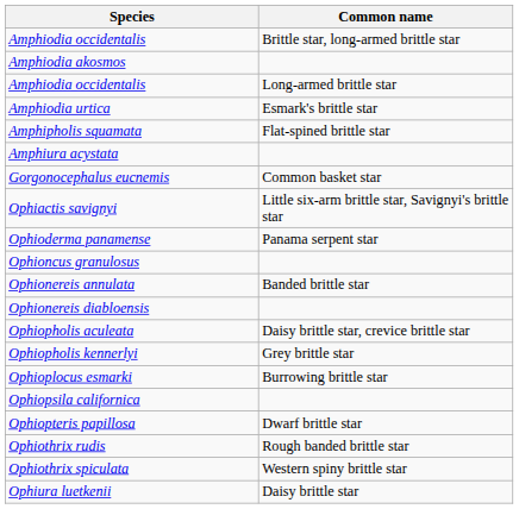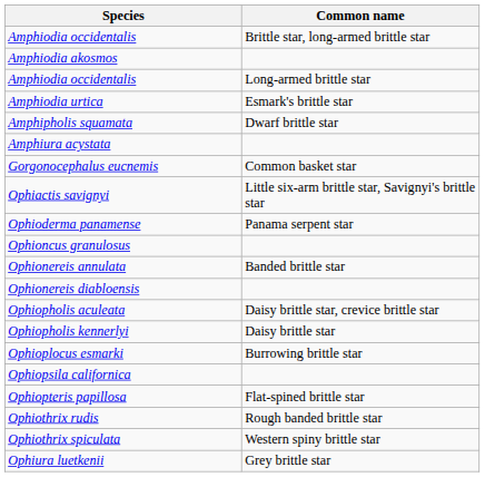 <table width=90% class="wikitable">
 <tr>
 <th width=25%>Species</th>
 <th width=25%>Common name</th>
 </tr>
 <tr>
 <td><em><a href='#'>Amphiodia occidentalis</a></em></td>
 <td>Brittle star, long-armed brittle star</td>
 </tr>
 <tr>
 <td><em><a href='#'>Amphiodia akosmos</a></em></td>
 <td></td>
 </tr>
 <tr>
 <td><em><a href='#'>Amphiodia occidentalis</a></em></td>
 <td>Long-armed brittle star</td>
 </tr>
 <tr>
 <td><em><a href='#'>Amphiodia urtica</a></em></td>
 <td>Esmark's brittle star</td>
 </tr>
 <tr>
 <td><em><a href='#'>Amphipholis squamata</a></em></td>
-<td>Flat-spined brittle star</td>
+<td>Dwarf brittle star</td>
 </tr>
 <tr>
 <td><em><a href='#'>Amphiura acystata</a></em></td>
 <td></td>
 </tr>
 <tr>
 <td><em><a href='#'>Gorgonocephalus eucnemis</a></em></td>
 <td>Common basket star</td>
 </tr>
 <tr>
 <td><em><a href='#'>Ophiactis savignyi</a></em></td>
 <td>Little six-arm brittle star, Savignyi's brittle star</td>
 </tr>
 <tr>
 <td><em><a href='#'>Ophioderma panamense</a></em></td>
 <td>Panama serpent star</td>
 </tr>
 <tr>
 <td><em><a href='#'>Ophioncus granulosus</a></em></td>
 <td></td>
 </tr>
 <tr>
 <td><em><a href='#'>Ophionereis annulata</a></em></td>
 <td>Banded brittle star</td>
 </tr>
 <tr>
 <td><em><a href='#'>Ophionereis diabloensis</a></em></td>
 <td></td>
 </tr>
 <tr>
 <td><em><a href='#'>Ophiopholis aculeata</a></em></td>
 <td>Daisy brittle star, crevice brittle star</td>
 </tr>
 <tr>
 <td><em><a href='#'>Ophiopholis kennerlyi</a></em></td>
-<td>Grey brittle star</td>
+<td>Daisy brittle star</td>
 </tr>
 <tr>
 <td><em><a href='#'>Ophioplocus esmarki</a></em></td>
 <td>Burrowing brittle star</td>
 </tr>
 <tr>
 <td><em><a href='#'>Ophiopsila californica</a></em></td>
 <td></td>
 </tr>
 <tr>
 <td><em><a href='#'>Ophiopteris papillosa</a></em></td>
-<td>Dwarf brittle star</td>
+<td>Flat-spined brittle star</td>
 </tr>
 <tr>
 <td><em><a href='#'>Ophiothrix rudis</a></em></td>
 <td>Rough banded brittle star</td>
 </tr>
 <tr>
 <td><em><a href='#'>Ophiothrix spiculata</a></em></td>
 <td>Western spiny brittle star</td>
 </tr>
 <tr>
 <td><em><a href='#'>Ophiura luetkenii</a></em></td>
-<td>Daisy brittle star</td>
+<td>Grey brittle star</td>
 </tr>
 </table>
